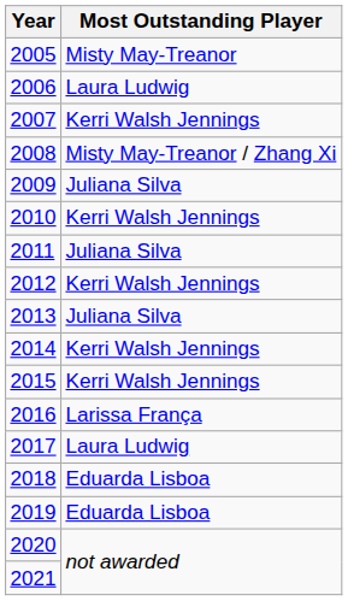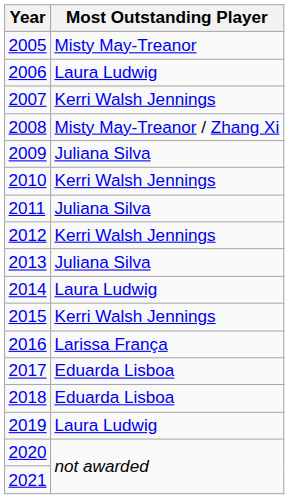 <table class="wikitable sortable" style="display:inline-table;">
 <tr>
 <th>Year</th>
 <th>Most Outstanding Player</th>
 </tr>
 <tr>
 <td><a href='#'>2005</a></td>
 <td> <a href='#'>Misty May-Treanor</a> </td>
 </tr>
 <tr>
 <td><a href='#'>2006</a></td>
 <td> <a href='#'>Laura Ludwig</a> </td>
 </tr>
 <tr>
 <td><a href='#'>2007</a></td>
 <td> <a href='#'>Kerri Walsh Jennings</a> </td>
 </tr>
 <tr>
 <td><a href='#'>2008</a></td>
 <td> <a href='#'>Misty May-Treanor</a>  /  <a href='#'>Zhang Xi</a></td>
 </tr>
 <tr>
 <td><a href='#'>2009</a></td>
 <td> <a href='#'>Juliana Silva</a> </td>
 </tr>
 <tr>
 <td><a href='#'>2010</a></td>
 <td> <a href='#'>Kerri Walsh Jennings</a> </td>
 </tr>
 <tr>
 <td><a href='#'>2011</a></td>
 <td> <a href='#'>Juliana Silva</a> </td>
 </tr>
 <tr>
 <td><a href='#'>2012</a></td>
 <td> <a href='#'>Kerri Walsh Jennings</a> </td>
 </tr>
 <tr>
 <td><a href='#'>2013</a></td>
 <td> <a href='#'>Juliana Silva</a> </td>
 </tr>
 <tr>
 <td><a href='#'>2014</a></td>
-<td> <a href='#'>Kerri Walsh Jennings</a> </td>
+<td> <a href='#'>Laura Ludwig</a> </td>
 </tr>
 <tr>
 <td><a href='#'>2015</a></td>
 <td> <a href='#'>Kerri Walsh Jennings</a> </td>
 </tr>
 <tr>
 <td><a href='#'>2016</a></td>
 <td> <a href='#'>Larissa França</a> </td>
 </tr>
 <tr>
 <td><a href='#'>2017</a></td>
-<td> <a href='#'>Laura Ludwig</a> </td>
+<td> <a href='#'>Eduarda Lisboa</a> </td>
 </tr>
 <tr>
 <td><a href='#'>2018</a></td>
 <td> <a href='#'>Eduarda Lisboa</a> </td>
 </tr>
 <tr>
 <td><a href='#'>2019</a></td>
-<td> <a href='#'>Eduarda Lisboa</a> </td>
+<td> <a href='#'>Laura Ludwig</a> </td>
 </tr>
 <tr>
 <td><a href='#'>2020</a></td>
 <td rowspan=2><em>not awarded</em></td>
 </tr>
 <tr>
 <td><a href='#'>2021</a></td>
 </tr>
 </table>
